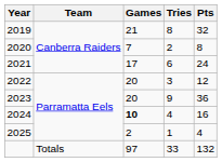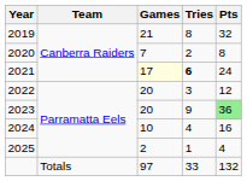 <table class="wikitable">
 <tr>
 <th>Year</th>
 <th>Team</th>
 <th>Games</th>
 <th>Tries</th>
 <th>Pts</th>
 </tr>
 <tr>
 <td>2019</td>
 <td rowspan="3"> <a href='#'>Canberra Raiders</a></td>
 <td>21</td>
 <td>8</td>
 <td>32</td>
 </tr>
 <tr>
 <td>2020</td>
 <td>7</td>
 <td>2</td>
 <td>8</td>
 </tr>
 <tr>
 <td>2021</td>
-<td>17</td>
-<td>6</td>
+<td style="background: lightyellow;">17</td>
+<td><strong>6</strong></td>
 <td>24</td>
 </tr>
 <tr>
 <td>2022</td>
 <td rowspan="4"> <a href='#'>Parramatta Eels</a></td>
 <td>20</td>
 <td>3</td>
 <td>12</td>
 </tr>
 <tr>
 <td>2023</td>
 <td>20</td>
 <td>9</td>
-<td>36</td>
+<td style="background: lightgreen;">36</td>
 </tr>
 <tr>
 <td>2024</td>
-<td><strong>10</strong></td>
+<td>10</td>
 <td>4</td>
 <td>16</td>
 </tr>
 <tr>
 <td>2025</td>
 <td>2</td>
 <td>1</td>
 <td>4</td>
 </tr>
 <tr>
 <td></td>
 <td>Totals</td>
 <td>97</td>
 <td>33</td>
 <td>132</td>
 </tr>
 </table>
